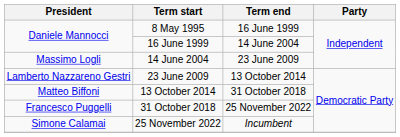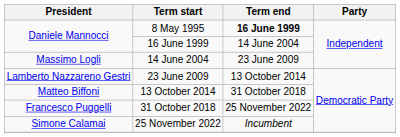 <table class="wikitable" style="text-align:center;" style="font-size: 85%">
 <tr>
 <th>President</th>
 <th>Term start</th>
 <th>Term end</th>
 <th>Party</th>
 </tr>
 <tr>
 <td rowspan=2><a href='#'>Daniele Mannocci</a></td>
 <td align=center>8 May 1995</td>
-<td align=center>16 June 1999</td>
+<td align=center><strong>16 June 1999</strong></td>
 <td rowspan="3"><a href='#'>Independent</a></td>
 </tr>
 <tr>
 <td align=center>16 June 1999</td>
 <td align=center>14 June 2004</td>
 </tr>
 <tr>
 <td><a href='#'>Massimo Logli</a></td>
 <td align=center>14 June 2004</td>
 <td align=center>23 June 2009</td>
 </tr>
 <tr>
 <td><a href='#'>Lamberto Nazzareno Gestri</a></td>
 <td align=center>23 June 2009</td>
 <td align=center>13 October 2014</td>
 <td rowspan="4"><a href='#'>Democratic Party</a></td>
 </tr>
 <tr>
 <td><a href='#'>Matteo Biffoni</a></td>
 <td align=center>13 October 2014</td>
 <td align=center>31 October 2018</td>
 </tr>
 <tr>
 <td><a href='#'>Francesco Puggelli</a></td>
 <td align=center>31 October 2018</td>
 <td align=center>25 November 2022</td>
 </tr>
 <tr>
 <td><a href='#'>Simone Calamai</a></td>
 <td align=center>25 November 2022</td>
 <td align=center><em>Incumbent</em></td>
 </tr>
 <tr>
 </tr>
 </table>
